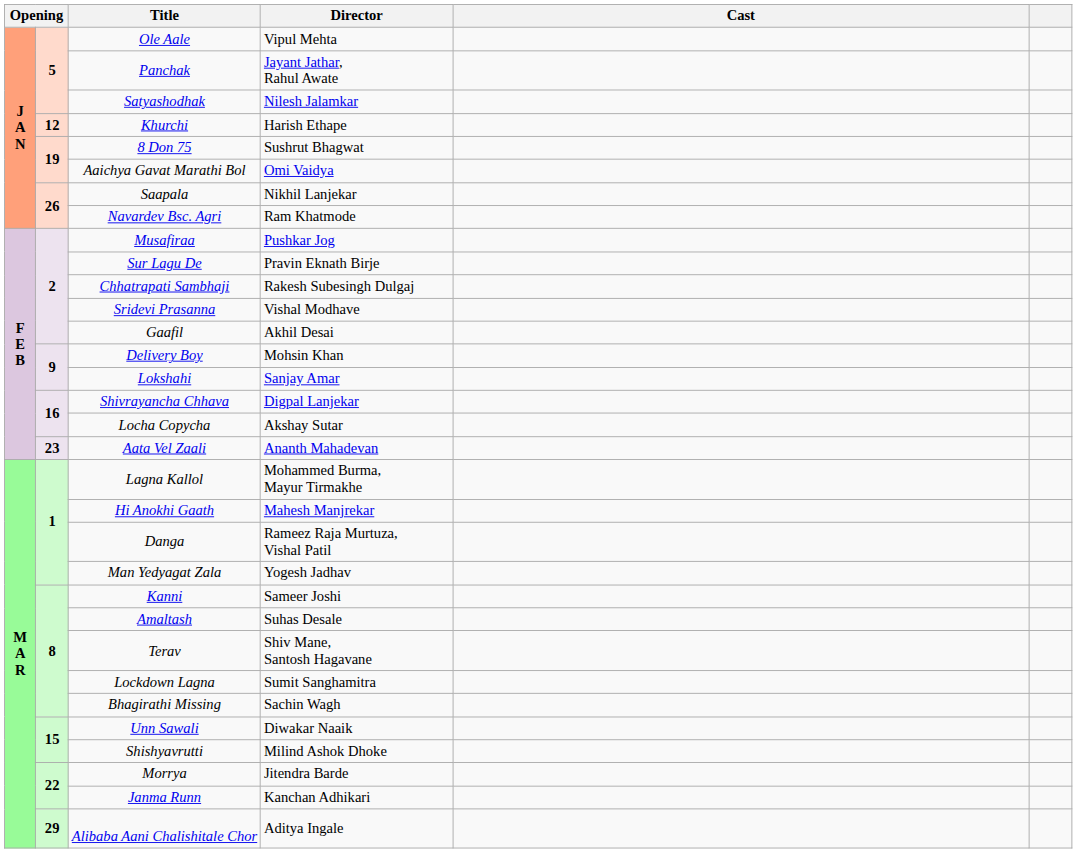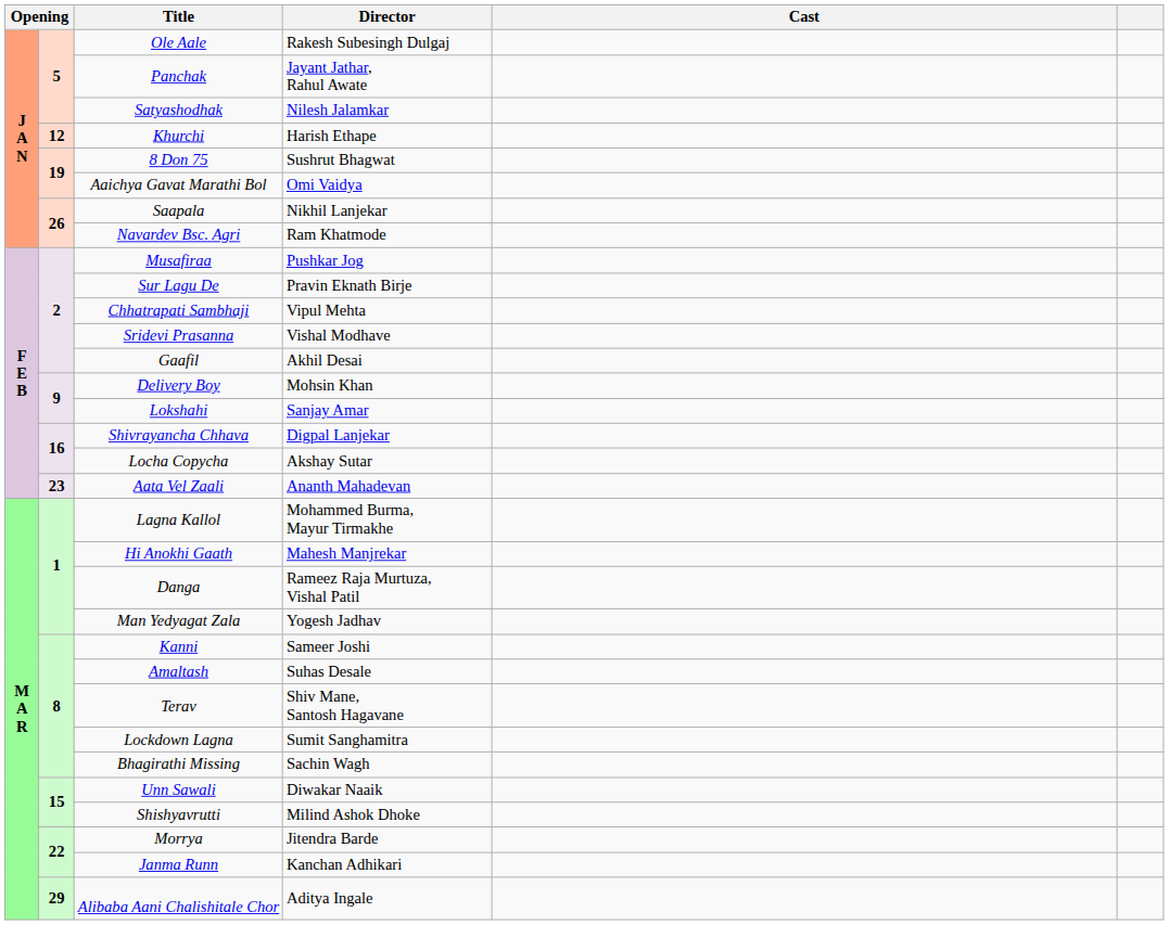 <table class="wikitable sortable">
 <tr>
 <th colspan="2" style="width:6%">Opening</th>
 <th style="width:18%">Title</th>
 <th style="width:18%">Director</th>
 <th>Cast</th>
 <th style="width:4%;"></th>
 </tr>
 <tr>
 <th rowspan="8" style="text-align:center; background:#ffa07a; text color:#000;">J<br>A<br>N</th>
 <td rowspan="3" style="text-align:center; background:#ffdacc"><strong>5</strong></td>
 <td style="text-align:center"><em><a href='#'>Ole Aale</a></em></td>
-<td>Vipul Mehta</td>
+<td>Rakesh Subesingh Dulgaj</td>
 <td></td>
 <td style="text-align:center"></td>
 </tr>
 <tr>
 <td style="text-align:center"><em><a href='#'>Panchak</a></em></td>
 <td><a href='#'>Jayant Jathar</a>,<br>Rahul Awate</td>
 <td></td>
 <td style="text-align:center"></td>
 </tr>
 <tr>
 <td style="text-align:center"><em><a href='#'>Satyashodhak</a></em></td>
 <td><a href='#'>Nilesh Jalamkar</a></td>
 <td></td>
 <td style="text-align:center"></td>
 </tr>
 <tr>
 <td style="text-align:center; background:#ffdacc"><strong>12</strong></td>
 <td style="text-align:center"><em><a href='#'>Khurchi</a></em></td>
 <td>Harish Ethape</td>
 <td></td>
 <td style="text-align:center"></td>
 </tr>
 <tr>
 <td rowspan="2" style="text-align:center; background:#ffdacc"><strong>19</strong></td>
 <td style="text-align:center"><em><a href='#'>8 Don 75</a></em></td>
 <td>Sushrut Bhagwat</td>
 <td></td>
 <td style="text-align:center"></td>
 </tr>
 <tr>
 <td style="text-align:center"><em>Aaichya Gavat Marathi Bol</em></td>
 <td><a href='#'>Omi Vaidya</a></td>
 <td></td>
 <td style="text-align:center"></td>
 </tr>
 <tr>
 <td rowspan="2" style="text-align:center; background:#ffdacc"><strong>26</strong></td>
 <td style="text-align:center"><em>Saapala</em></td>
 <td>Nikhil Lanjekar</td>
 <td></td>
 <td style="text-align:center"></td>
 </tr>
 <tr>
 <td style="text-align:center"><em><a href='#'>Navardev Bsc. Agri</a></em></td>
 <td>Ram Khatmode</td>
 <td></td>
 <td style="text-align:center"></td>
 </tr>
 <tr>
 <th rowspan="10" style="text-align:center; background:#dcc7df; textcolor:#000;">F<br>E<br>B</th>
 <td rowspan="5" style="text-align:center; background:#ede3ef"><strong>2</strong></td>
 <td style="text-align:center"><em><a href='#'>Musafiraa</a></em></td>
 <td><a href='#'>Pushkar Jog</a></td>
 <td></td>
 <td style="text-align:center"></td>
 </tr>
 <tr>
 <td style="text-align:center"><em><a href='#'>Sur Lagu De</a></em></td>
 <td>Pravin Eknath Birje</td>
 <td></td>
 <td style="text-align:center"></td>
 </tr>
 <tr>
 <td style="text-align:center"><em><a href='#'>Chhatrapati Sambhaji</a></em></td>
-<td>Rakesh Subesingh Dulgaj</td>
+<td>Vipul Mehta</td>
 <td></td>
 <td style="text-align:center"></td>
 </tr>
 <tr>
 <td style="text-align:center"><em><a href='#'>Sridevi Prasanna</a></em></td>
 <td>Vishal Modhave</td>
 <td></td>
 <td style="text-align:center"></td>
 </tr>
 <tr>
 <td style="text-align:center"><em>Gaafil</em></td>
 <td>Akhil Desai</td>
 <td></td>
 <td style="text-align:center"></td>
 </tr>
 <tr>
 <td rowspan="2" style="text-align:center; background:#ede3ef"><strong>9</strong></td>
 <td style="text-align:center"><em><a href='#'>Delivery Boy</a></em></td>
 <td>Mohsin Khan</td>
 <td></td>
 <td style="text-align:center"></td>
 </tr>
 <tr>
 <td style="text-align:center"><em><a href='#'>Lokshahi</a></em></td>
 <td><a href='#'>Sanjay Amar</a></td>
 <td></td>
 <td style="text-align:center"></td>
 </tr>
 <tr>
 <td rowspan="2" style="text-align:center; background:#ede3ef"><strong>16</strong></td>
 <td style="text-align:center"><em><a href='#'>Shivrayancha Chhava</a></em></td>
 <td><a href='#'>Digpal Lanjekar</a></td>
 <td></td>
 <td style="text-align:center"></td>
 </tr>
 <tr>
 <td style="text-align:center"><em>Locha Copycha</em></td>
 <td>Akshay Sutar</td>
 <td></td>
 <td style="text-align:center"></td>
 </tr>
 <tr>
 <td rowspan="1" style="text-align:center; background:#ede3ef"><strong>23</strong></td>
 <td style="text-align:center"><em><a href='#'>Aata Vel Zaali</a></em></td>
 <td><a href='#'>Ananth Mahadevan</a></td>
 <td></td>
 <td style="text-align:center;"></td>
 </tr>
 <tr>
 <td rowspan="18" style="text-align:center; background:#98fb98; textcolor:#000;"><strong>M<br>A<br>R</strong></td>
 <td rowspan="4" style="text-align:center; background:#CEFBCE;"><strong>1</strong></td>
 <td style="text-align:center;"><em>Lagna Kallol</em></td>
 <td>Mohammed Burma,<br>Mayur Tirmakhe</td>
 <td></td>
 <td style="text-align:center;"></td>
 </tr>
 <tr>
 <td style="text-align:center;"><em><a href='#'>Hi Anokhi Gaath</a></em></td>
 <td><a href='#'>Mahesh Manjrekar</a></td>
 <td></td>
 <td style="text-align:center;"></td>
 </tr>
 <tr>
 <td style="text-align:center;"><em>Danga</em></td>
 <td>Rameez Raja Murtuza,<br>Vishal Patil</td>
 <td></td>
 <td style="text-align:center;"></td>
 </tr>
 <tr>
 <td style="text-align:center;"><em>Man Yedyagat Zala</em></td>
 <td>Yogesh Jadhav</td>
 <td></td>
 <td style="text-align:center;"></td>
 </tr>
 <tr>
 <td rowspan="5" style="text-align:center; background:#CEFBCE;"><strong>8</strong></td>
 <td style="text-align:center;"><em><a href='#'>Kanni</a></em></td>
 <td>Sameer Joshi</td>
 <td></td>
 <td style="text-align:center;"></td>
 </tr>
 <tr>
 <td style="text-align:center;"><em><a href='#'>Amaltash</a></em></td>
 <td>Suhas Desale</td>
 <td></td>
 <td style="text-align:center;"></td>
 </tr>
 <tr>
 <td style="text-align:center;"><em>Terav</em></td>
 <td>Shiv Mane,<br>Santosh Hagavane</td>
 <td></td>
 <td style="text-align:center;"></td>
 </tr>
 <tr>
 <td style="text-align:center;"><em>Lockdown Lagna</em></td>
 <td>Sumit Sanghamitra</td>
 <td></td>
 <td style="text-align:center;"></td>
 </tr>
 <tr>
 <td style="text-align:center;"><em>Bhagirathi Missing</em></td>
 <td>Sachin Wagh</td>
 <td></td>
 <td style="text-align:center;"></td>
 </tr>
 <tr>
 <td rowspan="2" style="text-align:center; background:#CEFBCE;"><strong>15</strong></td>
 <td style="text-align:center;"><em><a href='#'>Unn Sawali</a></em></td>
 <td>Diwakar Naaik</td>
 <td></td>
 <td style="text-align:center;"></td>
 </tr>
 <tr>
 <td style="text-align:center;"><em>Shishyavrutti</em></td>
 <td>Milind Ashok Dhoke</td>
 <td></td>
 <td style="text-align:center;"></td>
 </tr>
 <tr>
 <td rowspan="2" style="text-align:center; background:#CEFBCE;"><strong>22</strong></td>
 <td style="text-align:center;"><em>Morrya</em></td>
 <td>Jitendra Barde</td>
 <td></td>
 <td style="text-align:center;"></td>
 </tr>
 <tr>
 <td style="text-align:center;"><em><a href='#'>Janma Runn</a></em></td>
 <td>Kanchan Adhikari</td>
 <td></td>
 <td style="text-align:center;"></td>
 </tr>
 <tr>
 <td rowspan="1" style="text-align:center; background:#CEFBCE;"><strong>29</strong></td>
 <td style="text-align:center;"><br><em><a href='#'>Alibaba Aani Chalishitale Chor</a></em></td>
 <td>Aditya Ingale</td>
 <td></td>
 <td style="text-align:center;"></td>
 </tr>
 </table>
